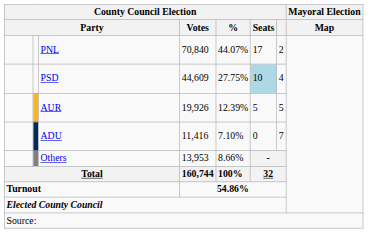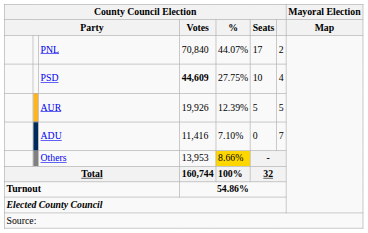 <table class="wikitable" style="text-align:left">
 <tr>
 <th colspan="7">County Council Election</th>
 <th>Mayoral Election</th>
 </tr>
 <tr>
 <th colspan="3" width="280">Party</th>
 <th>Votes</th>
 <th>%</th>
 <th>Seats</th>
 <th></th>
 <th>Map</th>
 </tr>
 <tr>
 <td width="40" height="40"></td>
 <td width="1" style="color:inherit;background:"></td>
 <td align="left"><a href='#'>PNL</a></td>
 <td>70,840</td>
 <td>44.07%</td>
 <td>17</td>
 <td>2</td>
 <td rowspan="8"></td>
 </tr>
 <tr>
 <td height="40"></td>
 <td style="color:inherit;background:"></td>
 <td align="left"><a href='#'>PSD</a></td>
-<td>44,609</td>
+<td><strong>44,609</strong></td>
 <td>27.75%</td>
-<td style="background: lightblue;">10</td>
+<td>10</td>
 <td>4</td>
 </tr>
 <tr>
 <td height="40"></td>
 <td style="background:#FCB521;"></td>
 <td align="left"><a href='#'>AUR</a></td>
 <td>19,926</td>
 <td>12.39%</td>
 <td>5</td>
 <td>5</td>
 </tr>
 <tr>
 <td height="40"></td>
 <td style="background:#002A59;"></td>
 <td align="left"><a href='#'>ADU</a></td>
 <td>11,416</td>
 <td>7.10%</td>
 <td>0</td>
 <td>7</td>
 </tr>
 <tr>
 <td></td>
 <td style="background-color:Grey "></td>
 <td align="left"><a href='#'>Others</a></td>
 <td>13,953</td>
-<td>8.66%</td>
+<td style="background: gold;">8.66%</td>
 <th colspan="2">-</th>
 </tr>
 <tr>
 <th colspan="3"><strong><u>Total</u></strong></th>
 <th style="text-align:left">160,744</th>
 <th style="text-align:left">100%</th>
 <th colspan="2"><strong><u>32</u></strong></th>
 </tr>
 <tr>
 <td colspan="3"><strong>Turnout</strong></td>
 <td style="text-align: center" colspan="4"><strong>54.86%</strong></td>
 </tr>
 <tr>
 <td colspan="7"><strong><em>Elected County Council</em></strong></td>
 </tr>
 <tr>
 <td colspan="8">Source: </td>
 </tr>
 </table>
